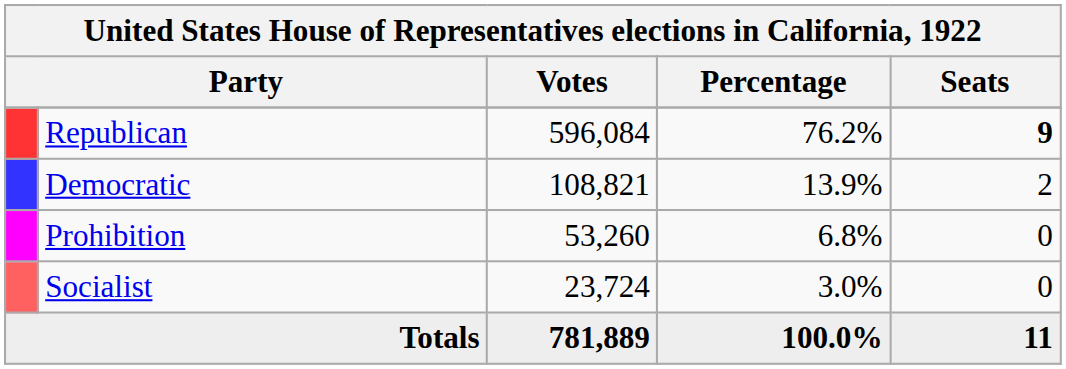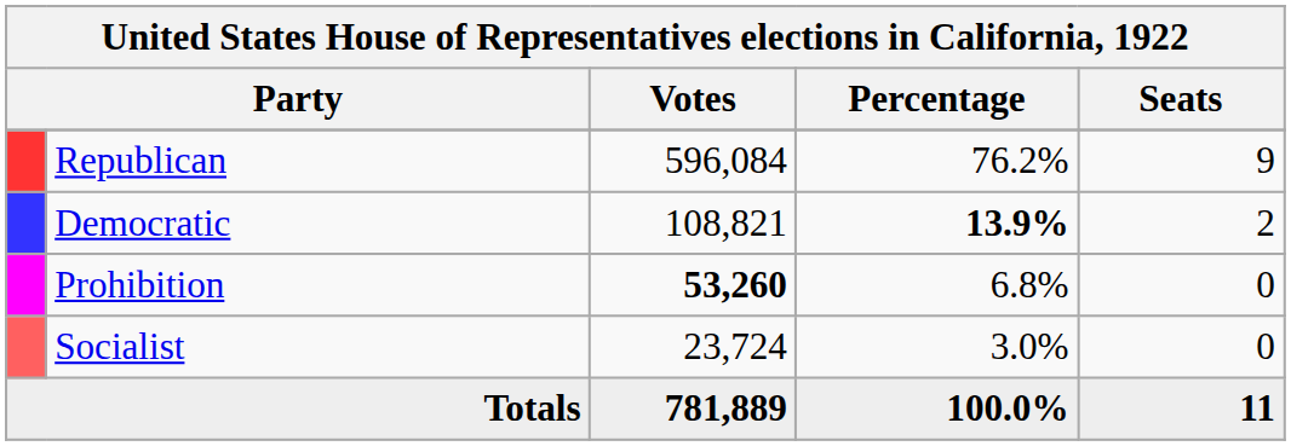 <table class="wikitable" style="font-size: 95%;">
 <tr>
 <th colspan="6">United States House of Representatives elections in California, 1922</th>
 </tr>
 <tr>
 <th colspan=2 style="width: 15em">Party</th>
 <th style="width: 5em">Votes</th>
 <th style="width: 7em">Percentage</th>
 <th style="width: 5em">Seats</th>
 </tr>
 <tr>
 </tr>
 <tr>
 <th style="background-color:#FF3333; width: 3px"></th>
 <td style="width: 130px"><a href='#'>Republican</a></td>
 <td align="right">596,084</td>
 <td align="right">76.2%</td>
-<td align="right"><strong>9</strong></td>
+<td align="right">9</td>
 </tr>
 <tr>
 <th style="background-color:#3333FF; width: 3px"></th>
 <td style="width: 130px"><a href='#'>Democratic</a></td>
 <td align="right">108,821</td>
-<td align="right">13.9%</td>
+<td align="right"><strong>13.9%</strong></td>
 <td align="right">2</td>
 </tr>
 <tr>
 <th style="background-color:#FF00FF; width: 3px"></th>
 <td style="width: 130px"><a href='#'>Prohibition</a></td>
-<td align="right">53,260</td>
+<td align="right"><strong>53,260</strong></td>
 <td align="right">6.8%</td>
 <td align="right">0</td>
 </tr>
 <tr>
 <th style="background-color:#FF6060; width: 3px"></th>
 <td style="width: 130px"><a href='#'>Socialist</a></td>
 <td align="right">23,724</td>
 <td align="right">3.0%</td>
 <td align="right">0</td>
 </tr>
 <tr bgcolor="#EEEEEE">
 <td colspan="2" align="right"><strong>Totals</strong></td>
 <td align="right"><strong>781,889</strong></td>
 <td align="right"><strong>100.0%</strong></td>
 <td align="right"><strong>11</strong></td>
 </tr>
 </table>
